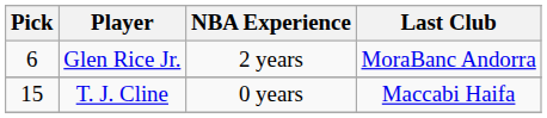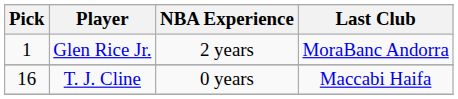 <table class="wikitable sortable sortable">
 <tr>
 </tr>
 <tr style="text-align: center">
 <th>Pick</th>
 <th>Player</th>
 <th>NBA Experience</th>
 <th>Last Club</th>
 </tr>
 <tr style="text-align: center">
-<td>6</td>
+<td>1</td>
 <td><a href='#'>Glen Rice Jr.</a></td>
 <td>2 years</td>
 <td> <a href='#'>MoraBanc Andorra</a></td>
 </tr>
 <tr>
 </tr>
 <tr style="text-align: center">
-<td>15</td>
+<td>16</td>
 <td><a href='#'>T. J. Cline</a></td>
 <td>0 years</td>
 <td> <a href='#'>Maccabi Haifa</a></td>
 </tr>
 <tr>
 </tr>
 </table>
